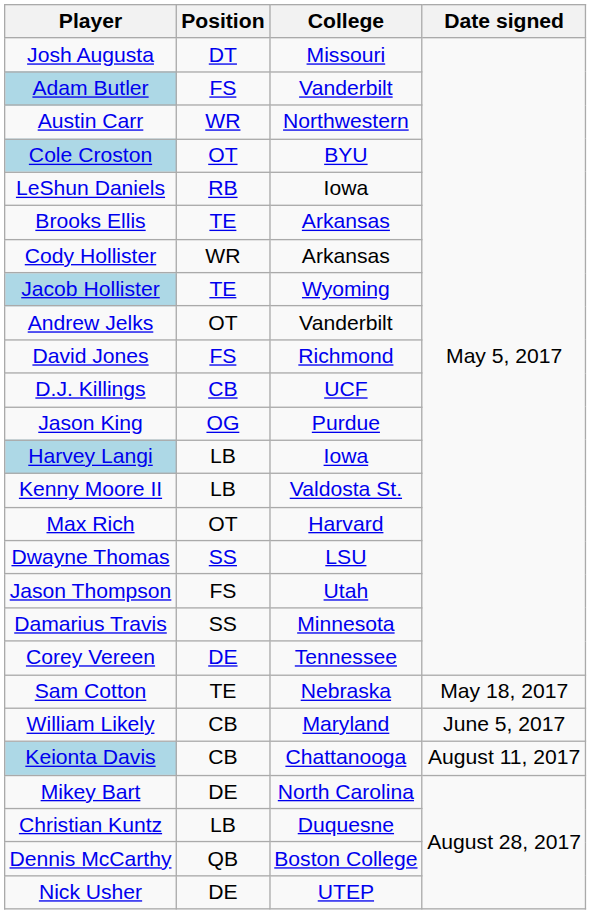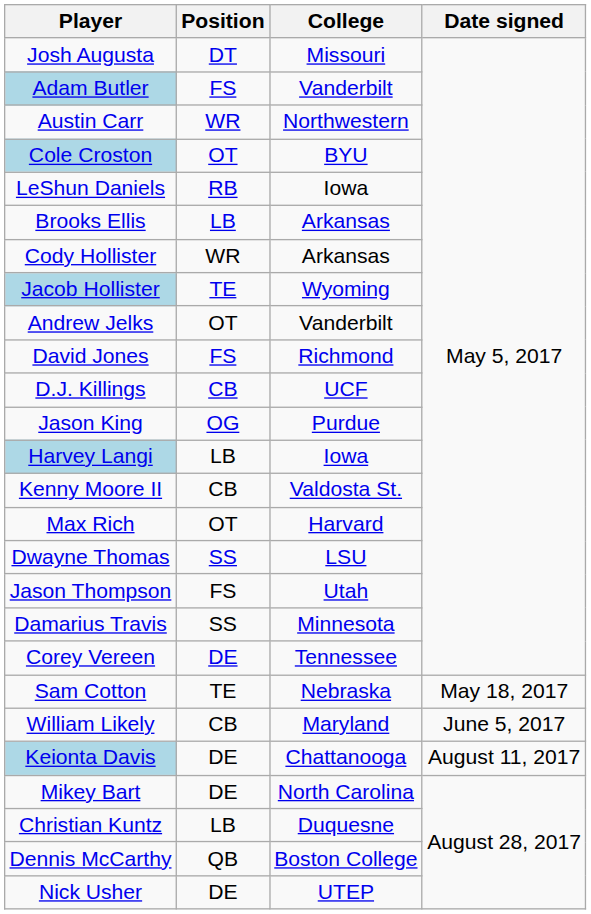 <table class="wikitable" style="text-align:center">
 <tr>
 <th>Player</th>
 <th>Position</th>
 <th>College</th>
 <th>Date signed</th>
 </tr>
 <tr>
 <td><a href='#'>Josh Augusta</a></td>
 <td><a href='#'>DT</a></td>
 <td><a href='#'>Missouri</a></td>
 <td rowspan="19">May 5, 2017</td>
 </tr>
 <tr>
 <td style="background:#ADD8E6"><a href='#'>Adam Butler</a></td>
 <td><a href='#'>FS</a></td>
 <td><a href='#'>Vanderbilt</a></td>
 </tr>
 <tr>
 <td><a href='#'>Austin Carr</a></td>
 <td><a href='#'>WR</a></td>
 <td><a href='#'>Northwestern</a></td>
 </tr>
 <tr>
 <td style="background:#ADD8E6"><a href='#'>Cole Croston</a></td>
 <td><a href='#'>OT</a></td>
 <td><a href='#'>BYU</a></td>
 </tr>
 <tr>
 <td><a href='#'>LeShun Daniels</a></td>
 <td><a href='#'>RB</a></td>
 <td>Iowa</td>
 </tr>
 <tr>
 <td><a href='#'>Brooks Ellis</a></td>
-<td><a href='#'>TE</a></td>
+<td><a href='#'>LB</a></td>
 <td><a href='#'>Arkansas</a></td>
 </tr>
 <tr>
 <td><a href='#'>Cody Hollister</a></td>
 <td>WR</td>
 <td>Arkansas</td>
 </tr>
 <tr>
 <td style="background:#ADD8E6"><a href='#'>Jacob Hollister</a></td>
 <td><a href='#'>TE</a></td>
 <td><a href='#'>Wyoming</a></td>
 </tr>
 <tr>
 <td><a href='#'>Andrew Jelks</a></td>
 <td>OT</td>
 <td>Vanderbilt</td>
 </tr>
 <tr>
 <td><a href='#'>David Jones</a></td>
 <td><a href='#'>FS</a></td>
 <td><a href='#'>Richmond</a></td>
 </tr>
 <tr>
 <td><a href='#'>D.J. Killings</a></td>
 <td><a href='#'>CB</a></td>
 <td><a href='#'>UCF</a></td>
 </tr>
 <tr>
 <td><a href='#'>Jason King</a></td>
 <td><a href='#'>OG</a></td>
 <td><a href='#'>Purdue</a></td>
 </tr>
 <tr>
 <td style="background:#ADD8E6"><a href='#'>Harvey Langi</a></td>
 <td>LB</td>
 <td><a href='#'>Iowa</a></td>
 </tr>
 <tr>
 <td><a href='#'>Kenny Moore II</a></td>
-<td>LB</td>
+<td>CB</td>
 <td><a href='#'>Valdosta St.</a></td>
 </tr>
 <tr>
 <td><a href='#'>Max Rich</a></td>
 <td>OT</td>
 <td><a href='#'>Harvard</a></td>
 </tr>
 <tr>
 <td><a href='#'>Dwayne Thomas</a></td>
 <td><a href='#'>SS</a></td>
 <td><a href='#'>LSU</a></td>
 </tr>
 <tr>
 <td><a href='#'>Jason Thompson</a></td>
 <td>FS</td>
 <td><a href='#'>Utah</a></td>
 </tr>
 <tr>
 <td><a href='#'>Damarius Travis</a></td>
 <td>SS</td>
 <td><a href='#'>Minnesota</a></td>
 </tr>
 <tr>
 <td><a href='#'>Corey Vereen</a></td>
 <td><a href='#'>DE</a></td>
 <td><a href='#'>Tennessee</a></td>
 </tr>
 <tr>
 <td><a href='#'>Sam Cotton</a></td>
 <td>TE</td>
 <td><a href='#'>Nebraska</a></td>
 <td>May 18, 2017</td>
 </tr>
 <tr>
 <td><a href='#'>William Likely</a></td>
 <td>CB</td>
 <td><a href='#'>Maryland</a></td>
 <td>June 5, 2017</td>
 </tr>
 <tr>
 <td style="background:#ADD8E6"><a href='#'>Keionta Davis</a></td>
-<td>CB</td>
+<td>DE</td>
 <td><a href='#'>Chattanooga</a></td>
 <td>August 11, 2017</td>
 </tr>
 <tr>
 <td><a href='#'>Mikey Bart</a></td>
 <td>DE</td>
 <td><a href='#'>North Carolina</a></td>
 <td rowspan="4">August 28, 2017</td>
 </tr>
 <tr>
 <td><a href='#'>Christian Kuntz</a></td>
 <td>LB</td>
 <td><a href='#'>Duquesne</a></td>
 </tr>
 <tr>
 <td><a href='#'>Dennis McCarthy</a></td>
 <td>QB</td>
 <td><a href='#'>Boston College</a></td>
 </tr>
 <tr>
 <td><a href='#'>Nick Usher</a></td>
 <td>DE</td>
 <td><a href='#'>UTEP</a></td>
 </tr>
 </table>
